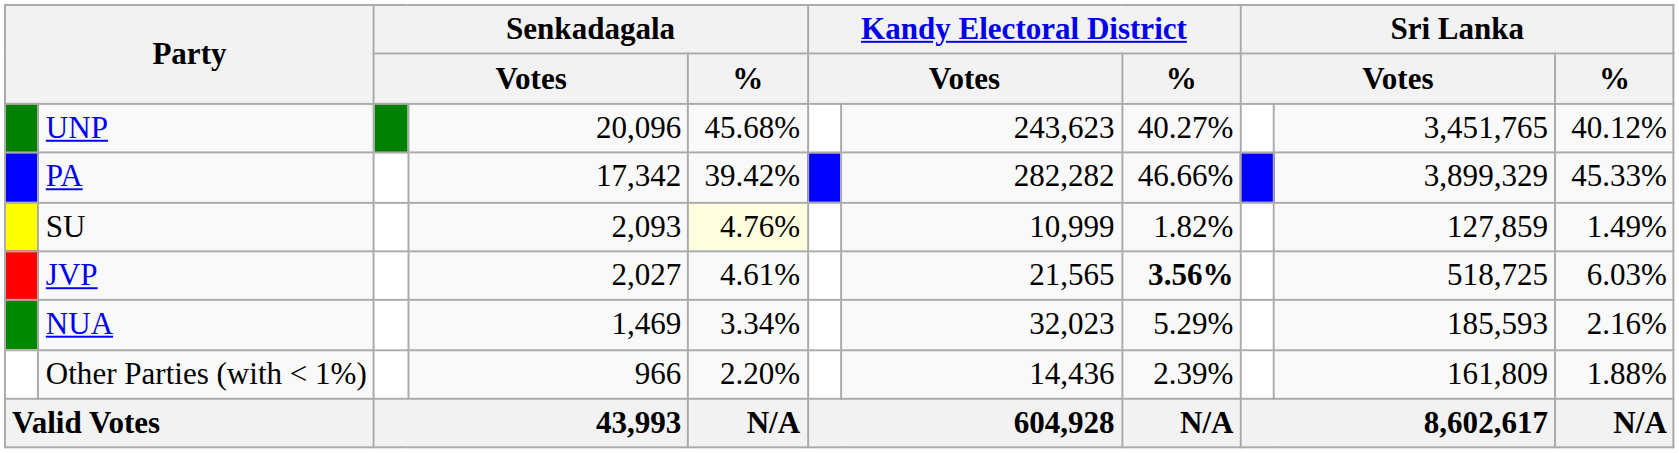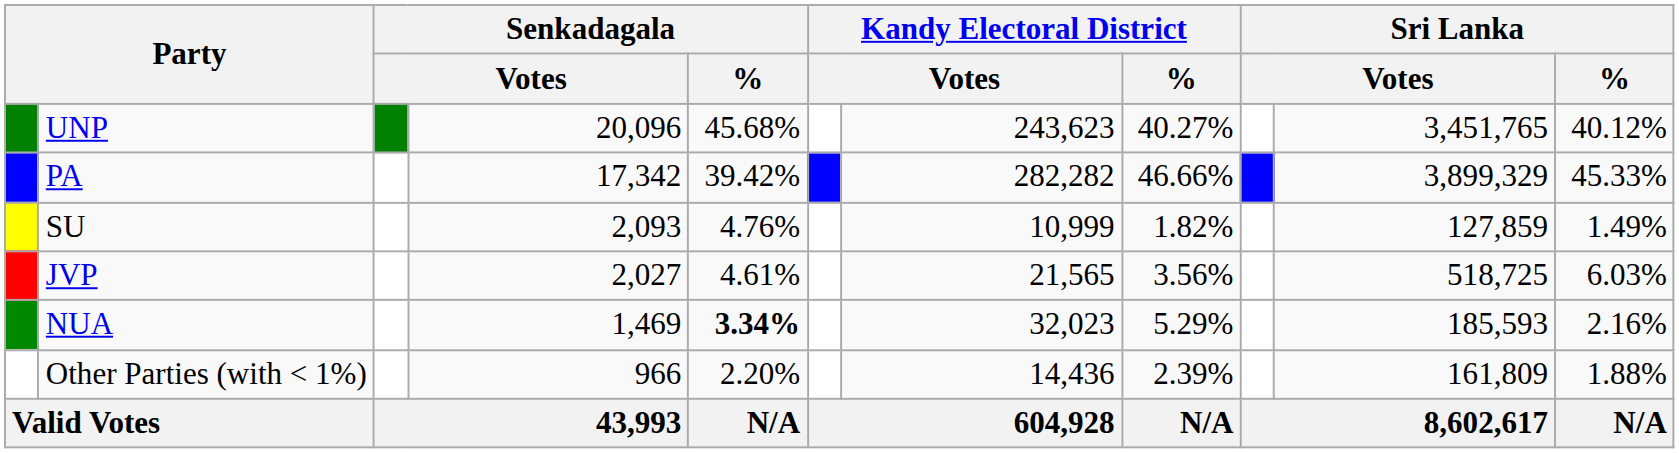 <table class="wikitable">
 <tr>
 <th colspan="2" width="144px"rowspan="2">Party</th>
 <th colspan="3" width="216px">Senkadagala</th>
 <th colspan="3" width="216px"><a href='#'>Kandy Electoral District</a></th>
 <th colspan="3" width="216px">Sri Lanka</th>
 </tr>
 <tr>
 <th colspan="2" width="144px">Votes</th>
 <th>%</th>
 <th colspan="2" width="144px">Votes</th>
 <th>%</th>
 <th colspan="2" width="144px">Votes</th>
 <th>%</th>
 </tr>
 <tr>
 <td style="background-color:green;" width="10px"></td>
 <td style="text-align:left;"><a href='#'>UNP</a></td>
 <td style="background-color:green;" width="10px"></td>
 <td style="text-align:right;">20,096</td>
 <td style="text-align:right;">45.68%</td>
 <td style="background-color:white;" width="10px"></td>
 <td style="text-align:right;">243,623</td>
 <td style="text-align:right;">40.27%</td>
 <td style="background-color:white;" width="10px"></td>
 <td style="text-align:right;">3,451,765</td>
 <td style="text-align:right;">40.12%</td>
 </tr>
 <tr>
 <td style="background-color:blue;" width="10px"></td>
 <td style="text-align:left;"><a href='#'>PA</a></td>
 <td style="background-color:white;" width="10px"></td>
 <td style="text-align:right;">17,342</td>
 <td style="text-align:right;">39.42%</td>
 <td style="background-color:blue;" width="10px"></td>
 <td style="text-align:right;">282,282</td>
 <td style="text-align:right;">46.66%</td>
 <td style="background-color:blue;" width="10px"></td>
 <td style="text-align:right;">3,899,329</td>
 <td style="text-align:right;">45.33%</td>
 </tr>
 <tr>
 <td style="background-color:yellow;" width="10px"></td>
 <td style="text-align:left;">SU</td>
 <td style="background-color:white;" width="10px"></td>
 <td style="text-align:right;">2,093</td>
-<td style="background: lightyellow; text-align:right;">4.76%</td>
+<td style="text-align:right;">4.76%</td>
 <td style="background-color:white;" width="10px"></td>
 <td style="text-align:right;">10,999</td>
 <td style="text-align:right;">1.82%</td>
 <td style="background-color:white;" width="10px"></td>
 <td style="text-align:right;">127,859</td>
 <td style="text-align:right;">1.49%</td>
 </tr>
 <tr>
 <td style="background-color:red;" width="10px"></td>
 <td style="text-align:left;"><a href='#'>JVP</a></td>
 <td style="background-color:white;" width="10px"></td>
 <td style="text-align:right;">2,027</td>
 <td style="text-align:right;">4.61%</td>
 <td style="background-color:white;" width="10px"></td>
 <td style="text-align:right;">21,565</td>
-<td style="text-align:right;"><strong>3.56%</strong></td>
+<td style="text-align:right;">3.56%</td>
 <td style="background-color:white;" width="10px"></td>
 <td style="text-align:right;">518,725</td>
 <td style="text-align:right;">6.03%</td>
 </tr>
 <tr>
 <td style="background-color:#008800;" width="10px"></td>
 <td style="text-align:left;"><a href='#'>NUA</a></td>
 <td style="background-color:white;" width="10px"></td>
 <td style="text-align:right;">1,469</td>
-<td style="text-align:right;">3.34%</td>
+<td style="text-align:right;"><strong>3.34%</strong></td>
 <td style="background-color:white;" width="10px"></td>
 <td style="text-align:right;">32,023</td>
 <td style="text-align:right;">5.29%</td>
 <td style="background-color:white;" width="10px"></td>
 <td style="text-align:right;">185,593</td>
 <td style="text-align:right;">2.16%</td>
 </tr>
 <tr>
 <td style="background-color:white;" width="10px"></td>
 <td style="text-align:left;">Other Parties (with < 1%)</td>
 <td style="background-color:white;" width="10px"></td>
 <td style="text-align:right;">966</td>
 <td style="text-align:right;">2.20%</td>
 <td style="background-color:white;" width="10px"></td>
 <td style="text-align:right;">14,436</td>
 <td style="text-align:right;">2.39%</td>
 <td style="background-color:white;" width="10px"></td>
 <td style="text-align:right;">161,809</td>
 <td style="text-align:right;">1.88%</td>
 </tr>
 <tr>
 <th colspan="2" width="144px"style="text-align:left;">Valid Votes</th>
 <th style="text-align:right;"colspan="2" width="144px">43,993</th>
 <th style="text-align:right;">N/A</th>
 <th style="text-align:right;"colspan="2" width="144px">604,928</th>
 <th style="text-align:right;">N/A</th>
 <th style="text-align:right;"colspan="2" width="144px">8,602,617</th>
 <th style="text-align:right;">N/A</th>
 </tr>
 </table>
